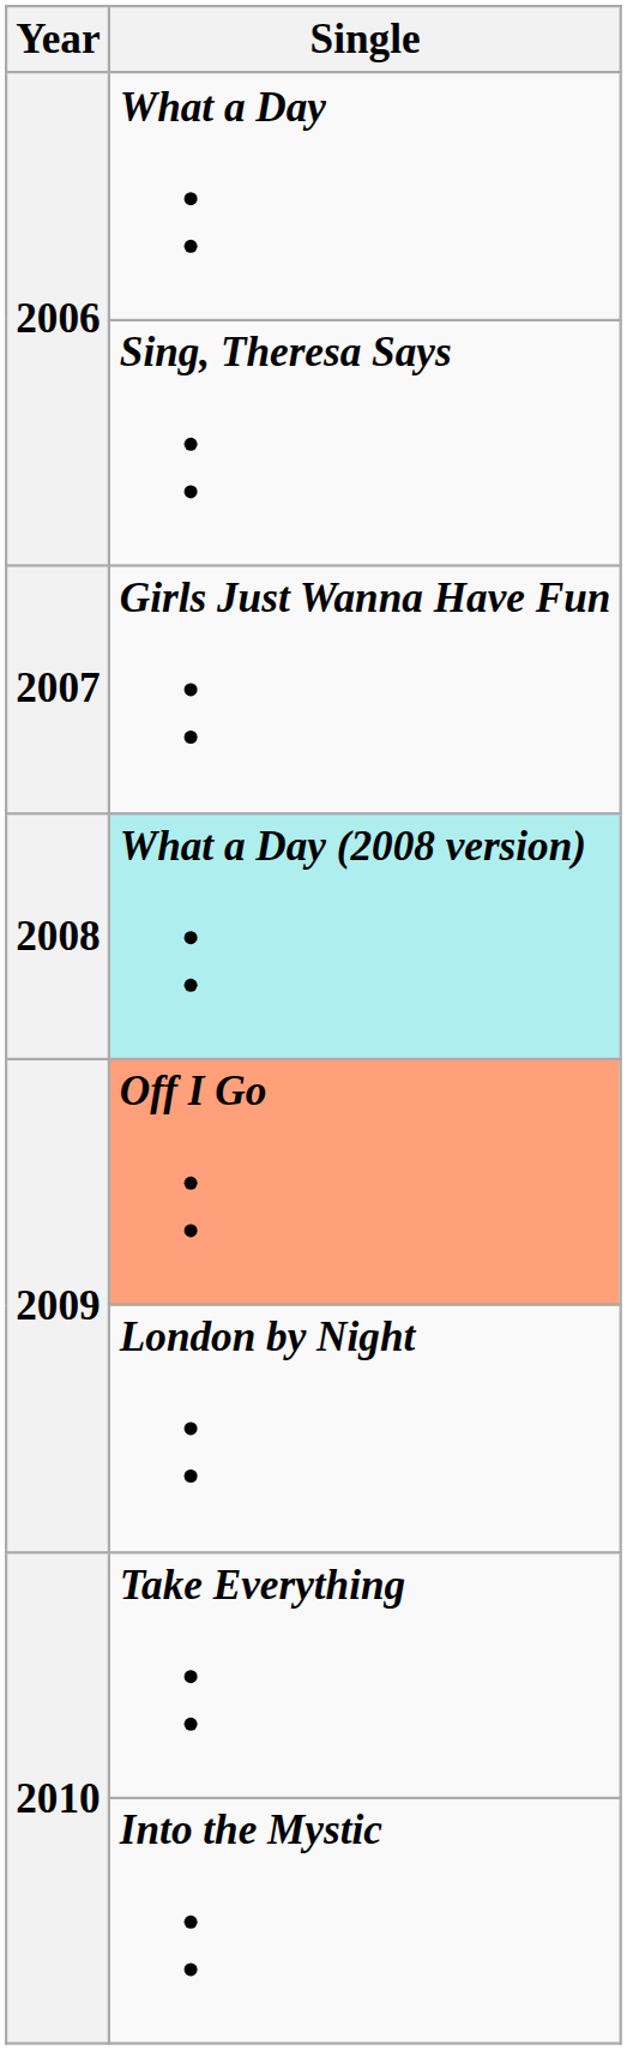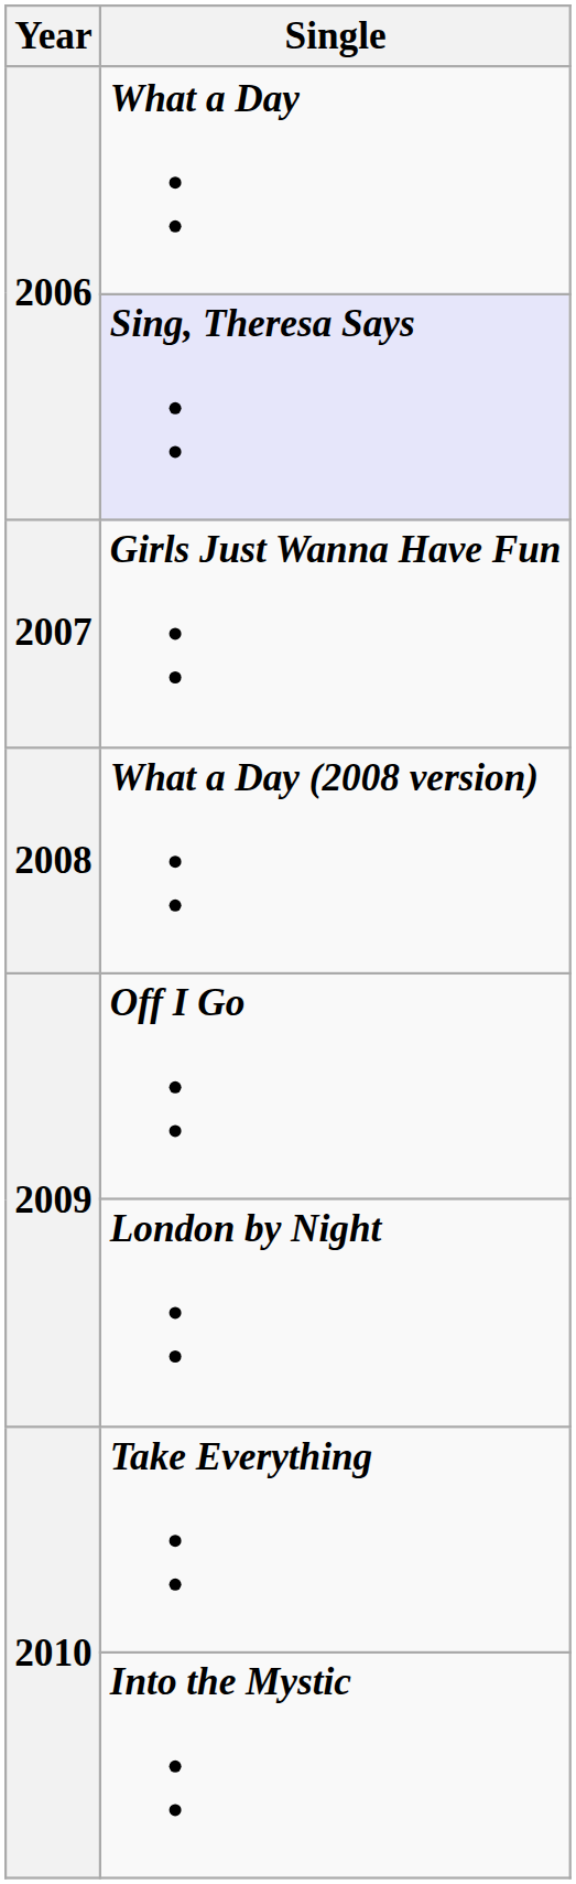 <table class="wikitable" style="text-align:center;">
 <tr>
 <th>Year</th>
 <th>Single</th>
 </tr>
 <tr>
 <th rowspan="2">2006</th>
 <td align="left"><strong><em>What a Day</em></strong><br><ul><li></li><li></li></ul></td>
 </tr>
 <tr>
-<td align="left"><strong><em>Sing, Theresa Says</em></strong><br><ul><li></li><li></li></ul></td>
+<td align="left" style="background: lavender;"><strong><em>Sing, Theresa Says</em></strong><br><ul><li></li><li></li></ul></td>
 </tr>
 <tr>
 <th>2007</th>
 <td align="left"><strong><em>Girls Just Wanna Have Fun</em></strong><br><ul><li></li><li></li></ul></td>
 </tr>
 <tr>
 <th>2008</th>
-<td align="left" style="background: paleturquoise;"><strong><em>What a Day (2008 version)</em></strong><br><ul><li></li><li></li></ul></td>
+<td align="left"><strong><em>What a Day (2008 version)</em></strong><br><ul><li></li><li></li></ul></td>
 </tr>
 <tr>
 <th rowspan="2">2009</th>
-<td align="left" style="background: lightsalmon;"><strong><em>Off I Go</em></strong><br><ul><li></li><li></li></ul></td>
+<td align="left"><strong><em>Off I Go</em></strong><br><ul><li></li><li></li></ul></td>
 </tr>
 <tr>
 <td align="left"><strong><em>London by Night</em></strong><br><ul><li></li><li></li></ul></td>
 </tr>
 <tr>
 <th rowspan="2">2010</th>
 <td align="left"><strong><em>Take Everything</em></strong><br><ul><li></li><li></li></ul></td>
 </tr>
 <tr>
 <td align="left"><strong><em>Into the Mystic</em></strong><br><ul><li></li><li></li></ul></td>
 </tr>
 </table>
